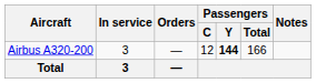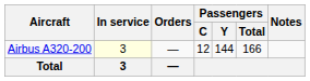 <table class="wikitable" style="border-collapse:collapse;text-align:center;margin:1em auto;">
 <tr>
 <th rowspan="2">Aircraft</th>
 <th rowspan="2">In service</th>
 <th rowspan="2">Orders</th>
 <th colspan="3">Passengers</th>
 <th rowspan="2">Notes</th>
 </tr>
 <tr>
 <th><abbr>C</abbr></th>
 <th><abbr>Y</abbr></th>
 <th>Total</th>
 </tr>
 <tr>
 <td><a href='#'>Airbus A320-200</a></td>
-<td>3</td>
+<td style="background: lightyellow;">3</td>
 <td>—</td>
 <td>12</td>
-<td><strong>144</strong></td>
+<td>144</td>
 <td>166</td>
 <td></td>
 </tr>
 <tr>
 <th>Total</th>
 <th>3</th>
 <th>—</th>
 <th colspan="4"></th>
 </tr>
 </table>
